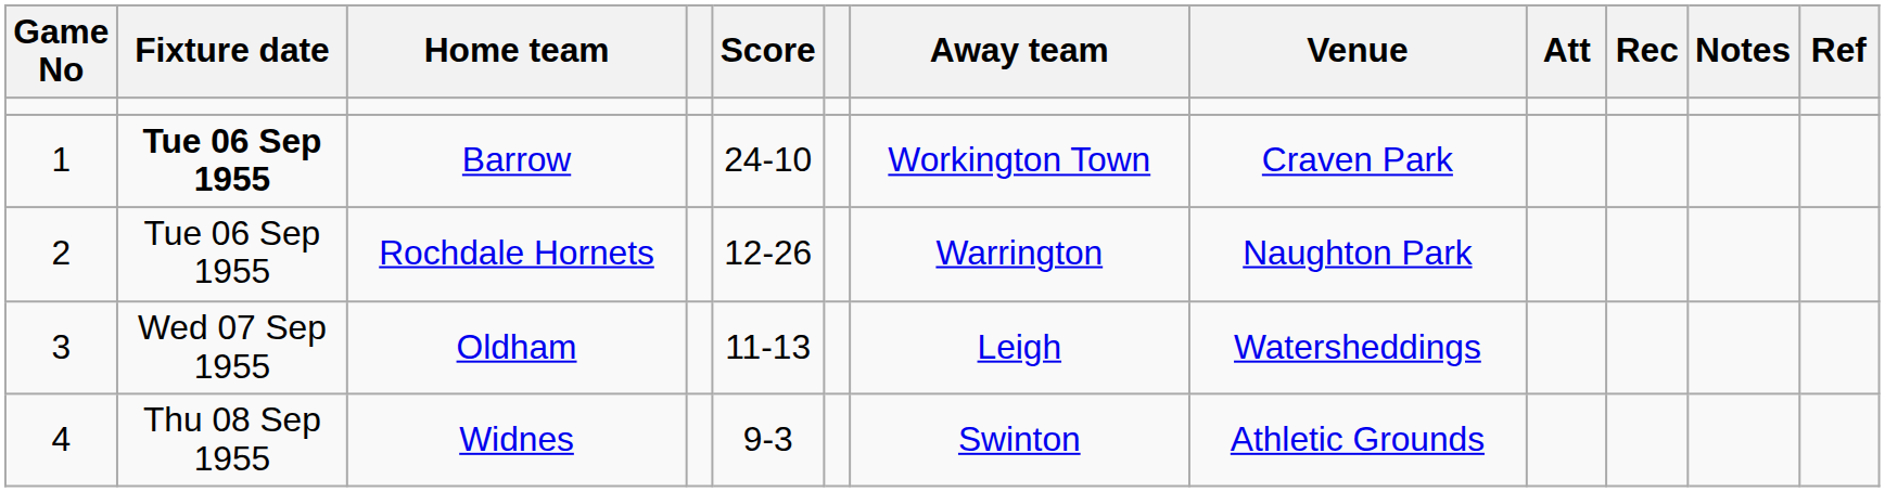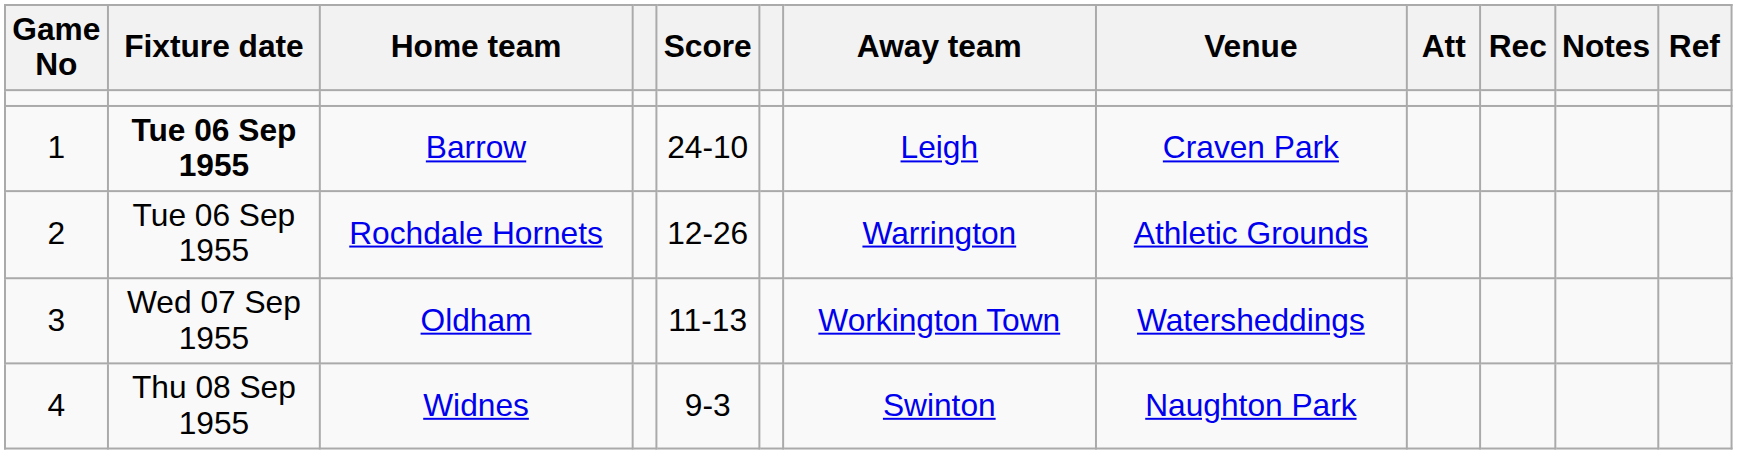 <table class="wikitable" style="text-align:center;">
 <tr>
 <th width=20 abbr="No">Game No</th>
 <th width=100 abbr="Date">Fixture date</th>
 <th width=150 abbr="Home team">Home team</th>
 <th width=5 abbr="space"></th>
 <th width=20 abbr="Score">Score</th>
 <th width=5 abbr="space"></th>
 <th width=150 abbr="Away team">Away team</th>
 <th width=150 abbr="Venue">Venue</th>
 <th width=30 abbr="Att">Att</th>
 <th width=30 abbr="Rec">Rec</th>
 <th width=20 abbr="Notes">Notes</th>
 <th width=30 abbr="Ref">Ref</th>
 </tr>
 <tr>
 <td></td>
 <td></td>
 <td></td>
 <td></td>
 <td></td>
 <td></td>
 <td></td>
 <td></td>
 <td></td>
 <td></td>
 <td></td>
 </tr>
 <tr>
 <td>1</td>
 <td><strong>Tue 06 Sep 1955</strong></td>
 <td><a href='#'>Barrow</a></td>
 <td></td>
 <td>24-10</td>
 <td></td>
-<td><a href='#'>Workington Town</a></td>
+<td><a href='#'>Leigh</a></td>
 <td><a href='#'>Craven Park</a></td>
 <td></td>
 <td></td>
 <td></td>
 <td></td>
 </tr>
 <tr>
 <td>2</td>
 <td>Tue 06 Sep 1955</td>
 <td><a href='#'>Rochdale Hornets</a></td>
 <td></td>
 <td>12-26</td>
 <td></td>
 <td><a href='#'>Warrington</a></td>
-<td><a href='#'>Naughton Park</a></td>
+<td><a href='#'>Athletic Grounds</a></td>
 <td></td>
 <td></td>
 <td></td>
 <td></td>
 </tr>
 <tr>
 <td>3</td>
 <td>Wed 07 Sep 1955</td>
 <td><a href='#'>Oldham</a></td>
 <td></td>
 <td>11-13</td>
 <td></td>
-<td><a href='#'>Leigh</a></td>
+<td><a href='#'>Workington Town</a></td>
 <td><a href='#'>Watersheddings</a></td>
 <td></td>
 <td></td>
 <td></td>
 <td></td>
 </tr>
 <tr>
 <td>4</td>
 <td>Thu 08 Sep 1955</td>
 <td><a href='#'>Widnes</a></td>
 <td></td>
 <td>9-3</td>
 <td></td>
 <td><a href='#'>Swinton</a></td>
-<td><a href='#'>Athletic Grounds</a></td>
+<td><a href='#'>Naughton Park</a></td>
 <td></td>
 <td></td>
 <td></td>
 <td></td>
 </tr>
 </table>
